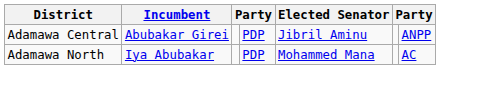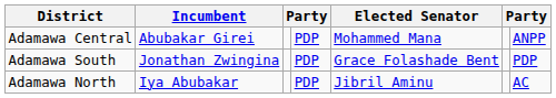 <table class="sortable wikitable" style="font-size:95%;line-height:14px;">
 <tr>
 <th class="unsortable">District</th>
 <th class="unsortable"><a href='#'>Incumbent</a></th>
 <th colspan="2">Party</th>
 <th class="unsortable">Elected Senator</th>
 <th colspan="2">Party</th>
 </tr>
 <tr>
 <td>Adamawa Central</td>
 <td><a href='#'>Abubakar Girei</a></td>
 <td style="background:"></td>
 <td><a href='#'>PDP</a></td>
-<td><a href='#'>Jibril Aminu</a></td>
+<td><a href='#'>Mohammed Mana</a></td>
 <td style="background:"></td>
 <td><a href='#'>ANPP</a></td>
+</tr>
+<tr>
+<td>Adamawa South</td>
+<td><a href='#'>Jonathan Zwingina</a></td>
+<td style="background:"></td>
+<td><a href='#'>PDP</a></td>
+<td><a href='#'>Grace Folashade Bent</a></td>
+<td style="background:"></td>
+<td><a href='#'>PDP</a></td>
 </tr>
 <tr>
 <td>Adamawa North</td>
 <td><a href='#'>Iya Abubakar</a></td>
 <td style="background:"></td>
 <td><a href='#'>PDP</a></td>
-<td><a href='#'>Mohammed Mana</a></td>
+<td><a href='#'>Jibril Aminu</a></td>
 <td style="background:"></td>
 <td><a href='#'>AC</a></td>
 </tr>
 </table>
